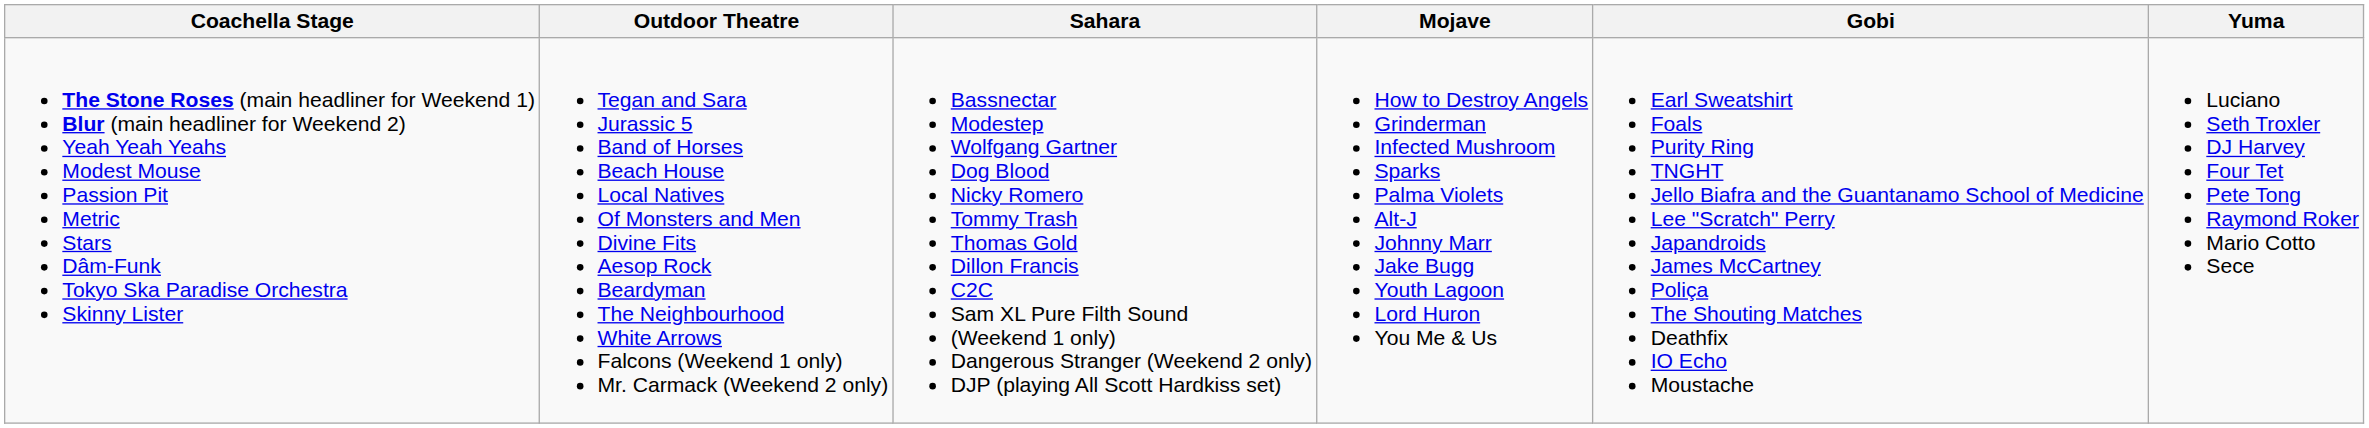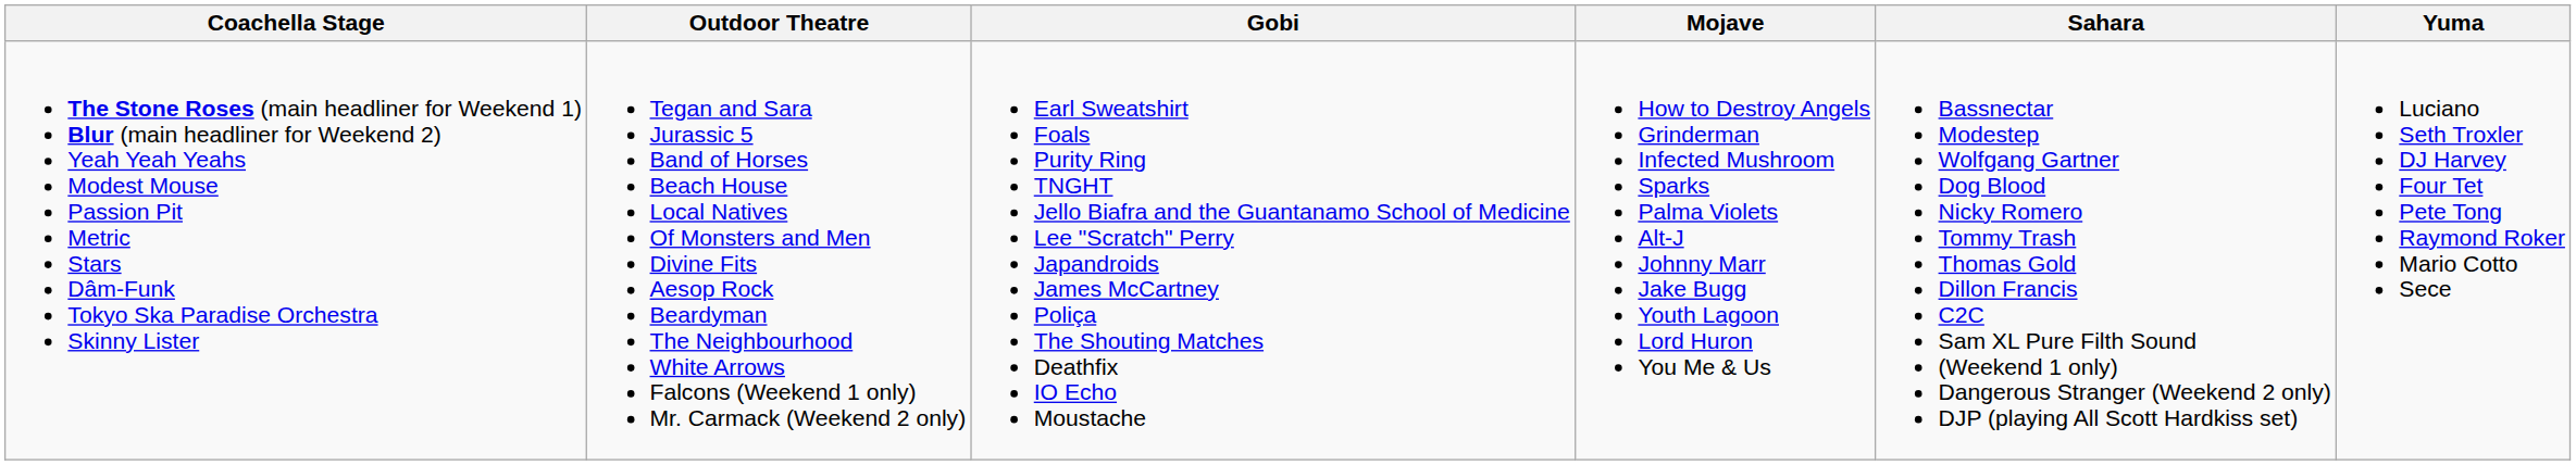 <table class="wikitable">
 <tr>
 <th>Coachella Stage</th>
 <th>Outdoor Theatre</th>
+<th>Gobi</th>
+<th>Mojave</th>
 <th>Sahara</th>
-<th>Mojave</th>
-<th>Gobi</th>
 <th>Yuma</th>
 </tr>
 <tr valign="top">
 <td><br><ul><li><strong><a href='#'>The Stone Roses</a></strong> (main headliner for Weekend 1)</li><li><strong><a href='#'>Blur</a></strong> (main headliner for Weekend 2)</li><li><a href='#'>Yeah Yeah Yeahs</a></li><li><a href='#'>Modest Mouse</a></li><li><a href='#'>Passion Pit</a></li><li><a href='#'>Metric</a></li><li><a href='#'>Stars</a></li><li><a href='#'>Dâm-Funk</a></li><li><a href='#'>Tokyo Ska Paradise Orchestra</a></li><li><a href='#'>Skinny Lister</a></li></ul></td>
 <td><br><ul><li><a href='#'>Tegan and Sara</a></li><li><a href='#'>Jurassic 5</a></li><li><a href='#'>Band of Horses</a></li><li><a href='#'>Beach House</a></li><li><a href='#'>Local Natives</a></li><li><a href='#'>Of Monsters and Men</a></li><li><a href='#'>Divine Fits</a></li><li><a href='#'>Aesop Rock</a></li><li><a href='#'>Beardyman</a></li><li><a href='#'>The Neighbourhood</a></li><li><a href='#'>White Arrows</a></li><li>Falcons (Weekend 1 only)</li><li>Mr. Carmack (Weekend 2 only)</li></ul></td>
+<td><br><ul><li><a href='#'>Earl Sweatshirt</a></li><li><a href='#'>Foals</a></li><li><a href='#'>Purity Ring</a></li><li><a href='#'>TNGHT</a></li><li><a href='#'>Jello Biafra and the Guantanamo School of Medicine</a></li><li><a href='#'>Lee "Scratch" Perry</a></li><li><a href='#'>Japandroids</a></li><li><a href='#'>James McCartney</a></li><li><a href='#'>Poliça</a></li><li><a href='#'>The Shouting Matches</a></li><li>Deathfix</li><li><a href='#'>IO Echo</a></li><li>Moustache</li></ul></td>
+<td><br><ul><li><a href='#'>How to Destroy Angels</a></li><li><a href='#'>Grinderman</a></li><li><a href='#'>Infected Mushroom</a></li><li><a href='#'>Sparks</a></li><li><a href='#'>Palma Violets</a></li><li><a href='#'>Alt-J</a></li><li><a href='#'>Johnny Marr</a></li><li><a href='#'>Jake Bugg</a></li><li><a href='#'>Youth Lagoon</a></li><li><a href='#'>Lord Huron</a></li><li>You Me & Us</li></ul></td>
 <td><br><ul><li><a href='#'>Bassnectar</a></li><li><a href='#'>Modestep</a></li><li><a href='#'>Wolfgang Gartner</a></li><li><a href='#'>Dog Blood</a></li><li><a href='#'>Nicky Romero</a></li><li><a href='#'>Tommy Trash</a></li><li><a href='#'>Thomas Gold</a></li><li><a href='#'>Dillon Francis</a></li><li><a href='#'>C2C</a></li><li>Sam XL Pure Filth Sound</li><li> (Weekend 1 only)</li><li>Dangerous Stranger (Weekend 2 only)</li><li>DJP (playing All Scott Hardkiss set)</li></ul></td>
-<td><br><ul><li><a href='#'>How to Destroy Angels</a></li><li><a href='#'>Grinderman</a></li><li><a href='#'>Infected Mushroom</a></li><li><a href='#'>Sparks</a></li><li><a href='#'>Palma Violets</a></li><li><a href='#'>Alt-J</a></li><li><a href='#'>Johnny Marr</a></li><li><a href='#'>Jake Bugg</a></li><li><a href='#'>Youth Lagoon</a></li><li><a href='#'>Lord Huron</a></li><li>You Me & Us</li></ul></td>
-<td><br><ul><li><a href='#'>Earl Sweatshirt</a></li><li><a href='#'>Foals</a></li><li><a href='#'>Purity Ring</a></li><li><a href='#'>TNGHT</a></li><li><a href='#'>Jello Biafra and the Guantanamo School of Medicine</a></li><li><a href='#'>Lee "Scratch" Perry</a></li><li><a href='#'>Japandroids</a></li><li><a href='#'>James McCartney</a></li><li><a href='#'>Poliça</a></li><li><a href='#'>The Shouting Matches</a></li><li>Deathfix</li><li><a href='#'>IO Echo</a></li><li>Moustache</li></ul></td>
 <td><br><ul><li>Luciano</li><li><a href='#'>Seth Troxler</a></li><li><a href='#'>DJ Harvey</a></li><li><a href='#'>Four Tet</a></li><li><a href='#'>Pete Tong</a></li><li><a href='#'>Raymond Roker</a></li><li>Mario Cotto</li><li>Sece</li></ul></td>
 </tr>
 </table>
